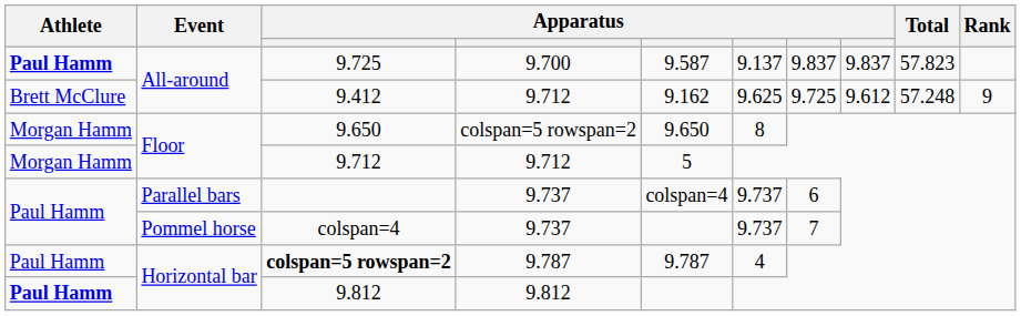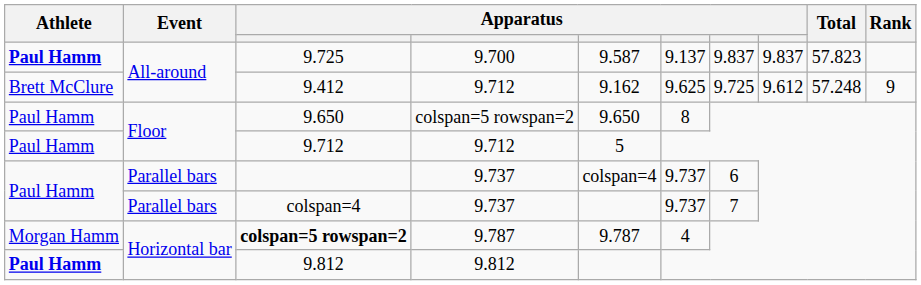 <table class=wikitable style=font-size:90%;text-align:center>
 <tr>
 <th rowspan=2>Athlete</th>
 <th rowspan=2>Event</th>
 <th colspan =6>Apparatus</th>
 <th rowspan=2>Total</th>
 <th rowspan=2>Rank</th>
 </tr>
 <tr style=font-size:95%>
 <th></th>
 <th></th>
 <th></th>
 <th></th>
 <th></th>
 <th></th>
 </tr>
 <tr>
 <td align=left><strong><a href='#'>Paul Hamm</a></strong></td>
 <td align=left rowspan=2><a href='#'>All-around</a></td>
 <td>9.725</td>
 <td>9.700</td>
 <td>9.587</td>
 <td>9.137</td>
 <td>9.837</td>
 <td>9.837</td>
 <td>57.823</td>
 <td></td>
 </tr>
 <tr>
 <td align=left><a href='#'>Brett McClure</a></td>
 <td>9.412</td>
 <td>9.712</td>
 <td>9.162</td>
 <td>9.625</td>
 <td>9.725</td>
 <td>9.612</td>
 <td>57.248</td>
 <td>9</td>
 </tr>
 <tr>
-<td align=left><a href='#'>Morgan Hamm</a></td>
+<td align=left><a href='#'>Paul Hamm</a></td>
 <td align=left rowspan=2><a href='#'>Floor</a></td>
 <td>9.650</td>
 <td>colspan=5 rowspan=2 </td>
 <td>9.650</td>
 <td>8</td>
 </tr>
 <tr>
-<td align=left><a href='#'>Morgan Hamm</a></td>
+<td align=left><a href='#'>Paul Hamm</a></td>
 <td>9.712</td>
 <td>9.712</td>
 <td>5</td>
 </tr>
 <tr>
 <td align=left rowspan=2><a href='#'>Paul Hamm</a></td>
 <td align=left><a href='#'>Parallel bars</a></td>
 <td></td>
 <td>9.737</td>
 <td>colspan=4 </td>
 <td>9.737</td>
 <td>6</td>
 </tr>
 <tr>
-<td align=left><a href='#'>Pommel horse</a></td>
+<td align=left><a href='#'>Parallel bars</a></td>
 <td>colspan=4 </td>
 <td>9.737</td>
 <td></td>
 <td>9.737</td>
 <td>7</td>
 </tr>
 <tr>
-<td align=left><a href='#'>Paul Hamm</a></td>
+<td align=left><a href='#'>Morgan Hamm</a></td>
 <td align=left rowspan=2><a href='#'>Horizontal bar</a></td>
 <td><strong>colspan=5 rowspan=2 </strong></td>
 <td>9.787</td>
 <td>9.787</td>
 <td>4</td>
 </tr>
 <tr>
 <td align=left><strong><a href='#'>Paul Hamm</a></strong></td>
 <td>9.812</td>
 <td>9.812</td>
 <td></td>
 </tr>
 </table>
